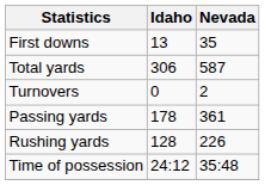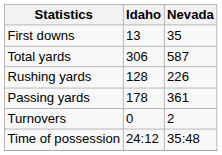 <table class="wikitable">
 <tr>
 <th>Statistics</th>
 <th>Idaho</th>
 <th>Nevada</th>
 </tr>
 <tr>
 <td>First downs</td>
 <td>13</td>
 <td>35</td>
 </tr>
 <tr>
 <td>Total yards</td>
 <td>306</td>
 <td>587</td>
 </tr>
 <tr>
-<td>Turnovers</td>
-<td>0</td>
-<td>2</td>
+<td>Rushing yards</td>
+<td>128</td>
+<td>226</td>
 </tr>
 <tr>
 <td>Passing yards</td>
 <td>178</td>
 <td>361</td>
 </tr>
 <tr>
-<td>Rushing yards</td>
-<td>128</td>
-<td>226</td>
+<td>Turnovers</td>
+<td>0</td>
+<td>2</td>
 </tr>
 <tr>
 <td>Time of possession</td>
 <td>24:12</td>
 <td>35:48</td>
 </tr>
 <tr>
 </tr>
 </table>
